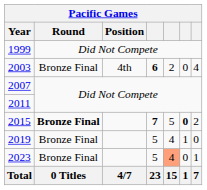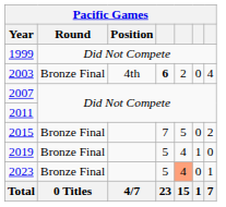 <table class="wikitable" style="text-align: center;">
 <tr>
 <th colspan="7"><a href='#'>Pacific Games</a></th>
 </tr>
 <tr>
 <th>Year</th>
 <th>Round</th>
 <th>Position</th>
 <th></th>
 <th></th>
 <th></th>
 <th></th>
 </tr>
 <tr>
 <td> <a href='#'>1999</a></td>
 <td colspan="6"><em>Did Not Compete</em></td>
 </tr>
 <tr>
 <td> <a href='#'>2003</a></td>
 <td>Bronze Final</td>
 <td>4th</td>
 <td><strong>6</strong></td>
 <td>2</td>
 <td>0</td>
 <td>4</td>
 </tr>
 <tr>
 <td> <a href='#'>2007</a></td>
 <td colspan="6" rowspan="2"><em>Did Not Compete</em></td>
 </tr>
 <tr>
 <td> <a href='#'>2011</a></td>
 </tr>
 <tr>
 <td> <a href='#'>2015</a></td>
-<td><strong>Bronze Final</strong></td>
+<td>Bronze Final</td>
 <td></td>
-<td><strong>7</strong></td>
+<td>7</td>
 <td>5</td>
-<td><strong>0</strong></td>
+<td>0</td>
 <td>2</td>
 </tr>
 <tr>
 <td> <a href='#'>2019</a></td>
 <td>Bronze Final</td>
 <td></td>
 <td>5</td>
 <td>4</td>
 <td>1</td>
 <td>0</td>
 </tr>
 <tr>
 <td> <a href='#'>2023</a></td>
 <td>Bronze Final</td>
 <td></td>
 <td>5</td>
 <td style="background: lightsalmon;">4</td>
 <td>0</td>
 <td>1</td>
 </tr>
 <tr>
 <th>Total</th>
 <th>0 Titles</th>
 <th>4/7</th>
 <th>23</th>
 <th>15</th>
 <th>1</th>
 <th>7</th>
 </tr>
 </table>
